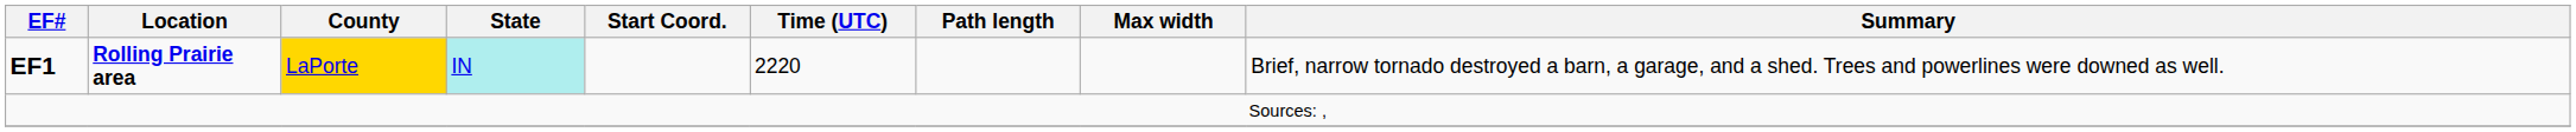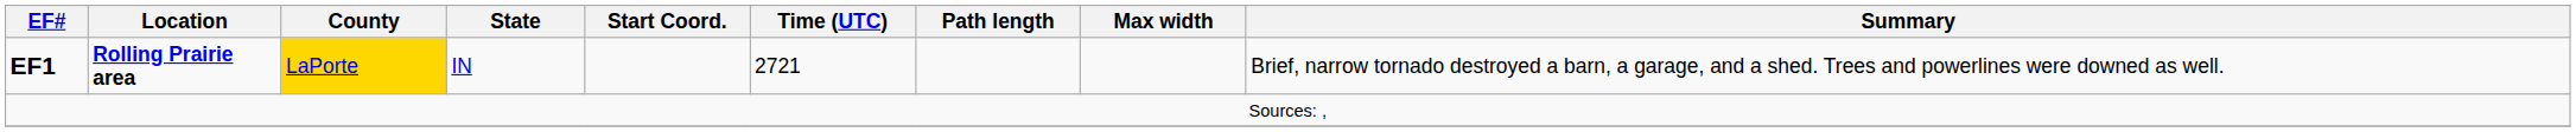 <table class="wikitable collapsible" width="100%">
 <tr>
 <th scope="col"  style="width:3%; text-align:center;"><a href='#'>EF#</a></th>
 <th scope="col"  style="width:7%; text-align:center;" class="unsortable">Location</th>
 <th scope="col"  style="width:6%; text-align:center;" class="unsortable">County</th>
 <th scope="col"  style="width:5%; text-align:center;">State</th>
 <th scope="col"  style="width:6%; text-align:center;">Start Coord.</th>
 <th scope="col"  style="width:6%; text-align:center;">Time (<a href='#'>UTC</a>)</th>
 <th scope="col"  style="width:6%; text-align:center;">Path length</th>
 <th scope="col"  style="width:6%; text-align:center;">Max width</th>
 <th scope="col" class="unsortable" style="width:48%; text-align:center;">Summary</th>
 </tr>
 <tr>
 <td><big><strong>EF1</strong></big></td>
 <td><strong><a href='#'>Rolling Prairie</a> area</strong></td>
 <td style="background: gold;"><a href='#'>LaPorte</a></td>
-<td style="background: paleturquoise;"><a href='#'>IN</a></td>
+<td><a href='#'>IN</a></td>
 <td></td>
-<td>2220</td>
+<td>2721</td>
 <td></td>
 <td></td>
 <td>Brief, narrow tornado destroyed a barn, a garage, and a shed. Trees and powerlines were downed as well.</td>
 </tr>
 <tr>
 <td colspan="9" align=center><small>Sources: , </small></td>
 </tr>
 <tr>
 </tr>
 </table>
